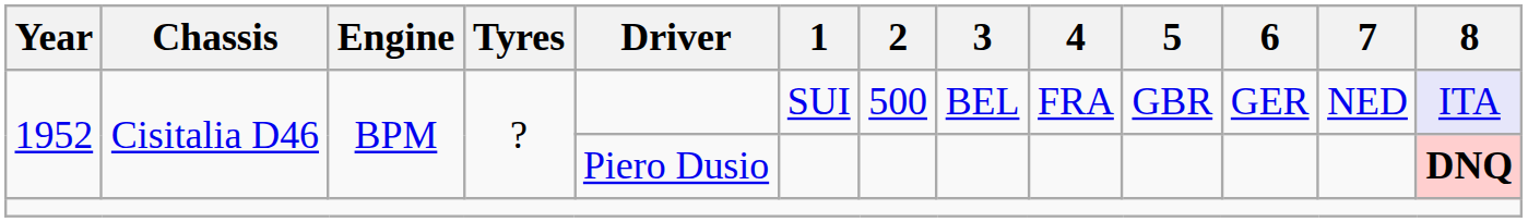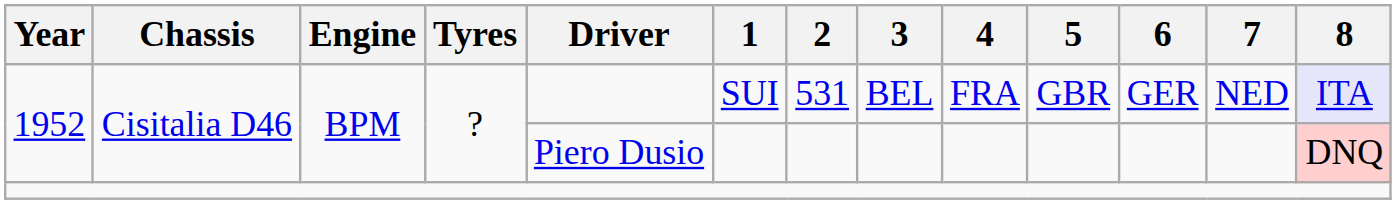 <table class="wikitable" style="text-align:center; font-size:95%">
 <tr>
 <th>Year</th>
 <th>Chassis</th>
 <th>Engine</th>
 <th>Tyres</th>
 <th>Driver</th>
 <th>1</th>
 <th>2</th>
 <th>3</th>
 <th>4</th>
 <th>5</th>
 <th>6</th>
 <th>7</th>
 <th>8</th>
 </tr>
 <tr>
 <td rowspan="2"><a href='#'>1952</a></td>
 <td rowspan="2"><a href='#'>Cisitalia D46</a></td>
 <td rowspan="2"><a href='#'>BPM</a></td>
 <td rowspan="2">?</td>
 <td></td>
 <td><a href='#'>SUI</a></td>
-<td><a href='#'>500</a></td>
+<td><a href='#'>531</a></td>
 <td><a href='#'>BEL</a></td>
 <td><a href='#'>FRA</a></td>
 <td><a href='#'>GBR</a></td>
 <td><a href='#'>GER</a></td>
 <td><a href='#'>NED</a></td>
 <td style="background: lavender;"><a href='#'>ITA</a></td>
 </tr>
 <tr>
 <td> <a href='#'>Piero Dusio</a></td>
 <td></td>
 <td></td>
 <td></td>
 <td></td>
 <td></td>
 <td></td>
 <td></td>
-<td style="background:#FFCFCF;"><strong>DNQ</strong></td>
+<td style="background:#FFCFCF;">DNQ</td>
 </tr>
 <tr>
 <td colspan="23"></td>
 </tr>
 </table>
